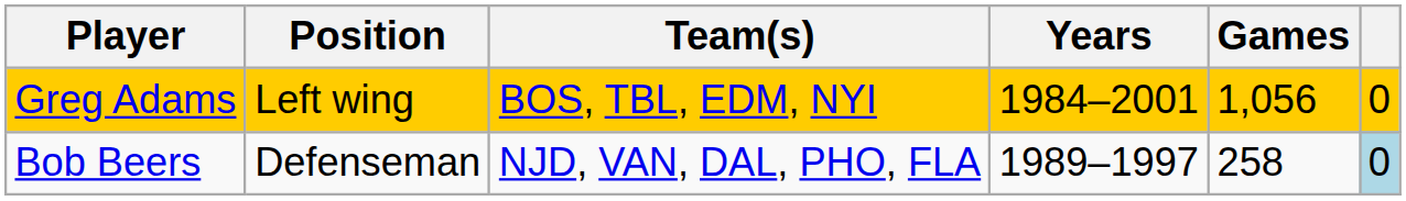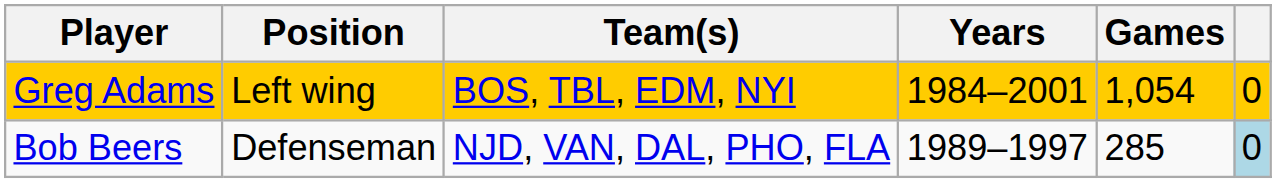 <table class="wikitable">
 <tr>
 <th>Player</th>
 <th>Position</th>
 <th>Team(s)</th>
 <th>Years</th>
 <th>Games</th>
 <th><a href='#'></a></th>
 </tr>
 <tr bgcolor=#FFCC00>
 <td><a href='#'>Greg Adams</a></td>
 <td>Left wing</td>
 <td><a href='#'>BOS</a>, <a href='#'>TBL</a>, <a href='#'>EDM</a>, <a href='#'>NYI</a></td>
 <td>1984–2001</td>
-<td>1,056</td>
+<td>1,054</td>
 <td>0</td>
 </tr>
 <tr>
 <td><a href='#'>Bob Beers</a></td>
 <td>Defenseman</td>
 <td><a href='#'>NJD</a>, <a href='#'>VAN</a>, <a href='#'>DAL</a>, <a href='#'>PHO</a>, <a href='#'>FLA</a></td>
 <td>1989–1997</td>
-<td>258</td>
+<td>285</td>
 <td style="background: lightblue;">0</td>
 </tr>
 </table>
